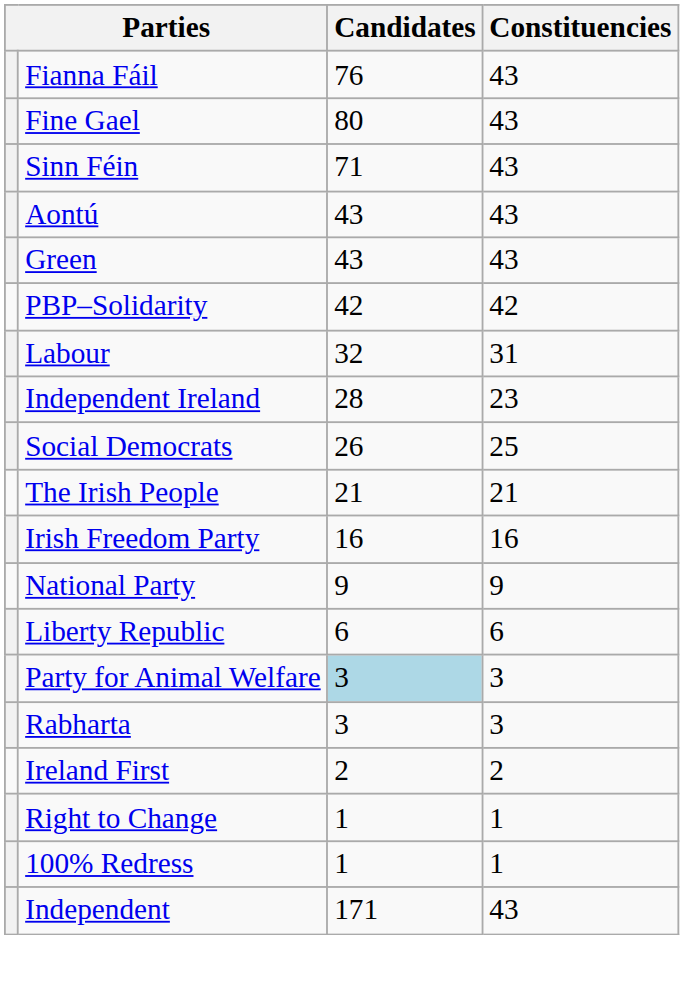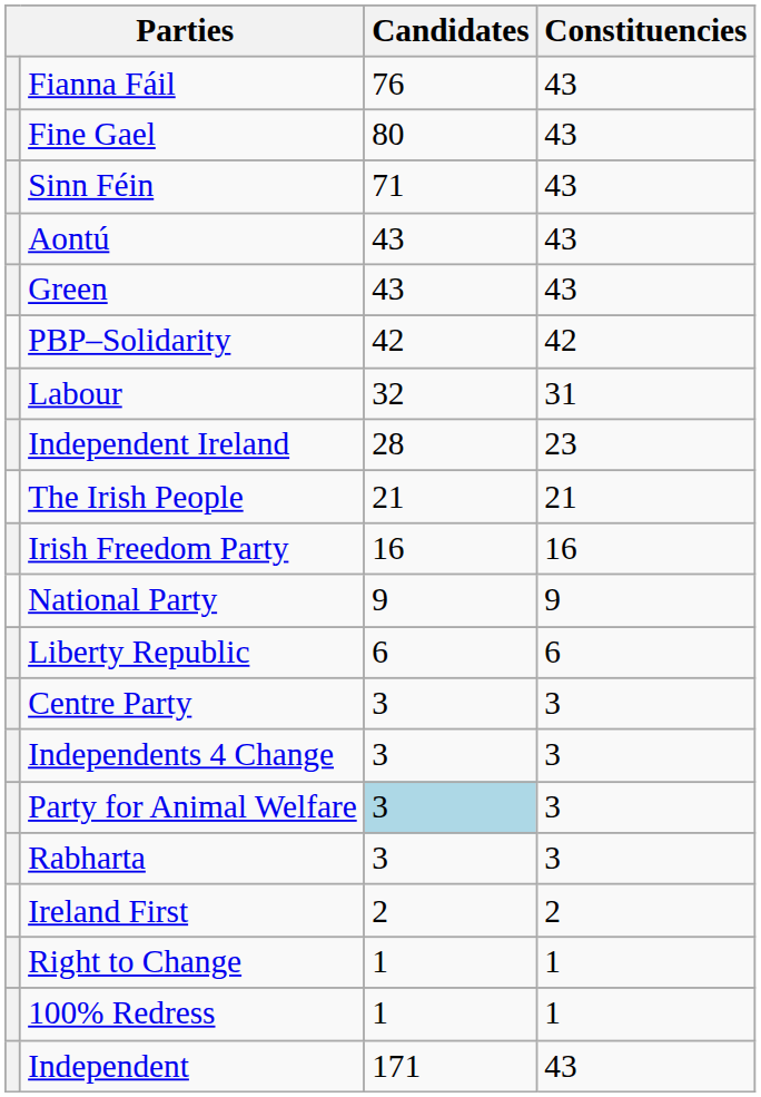 <table class="wikitable sortable">
 <tr>
 <th colspan=2 class="unsortable">Parties</th>
 <th>Candidates</th>
 <th>Constituencies</th>
 </tr>
 <tr>
 <th class="unsortable" style="background-color: "></th>
 <td><a href='#'>Fianna Fáil</a></td>
 <td>76</td>
 <td>43</td>
 </tr>
 <tr>
 <th class="unsortable" style="background-color: "></th>
 <td><a href='#'>Fine Gael</a></td>
 <td>80</td>
 <td>43</td>
 </tr>
 <tr>
 <th class="unsortable" style="background-color: "></th>
 <td><a href='#'>Sinn Féin</a></td>
 <td>71</td>
 <td>43</td>
 </tr>
 <tr>
 <th class="unsortable" style="background-color: "></th>
 <td><a href='#'>Aontú</a></td>
 <td>43</td>
 <td>43</td>
 </tr>
 <tr>
 <th class="unsortable" style="background-color: "></th>
 <td><a href='#'>Green</a></td>
 <td>43</td>
 <td>43</td>
 </tr>
 <tr>
 <td style="background:"></td>
 <td><a href='#'>PBP–Solidarity</a></td>
 <td>42</td>
 <td>42</td>
 </tr>
 <tr>
 <th class="unsortable" style="background-color: "></th>
 <td><a href='#'>Labour</a></td>
 <td>32</td>
 <td>31</td>
 </tr>
 <tr>
 <th class="unsortable" style="background-color: "></th>
 <td><a href='#'>Independent Ireland</a></td>
 <td>28</td>
 <td>23</td>
 </tr>
 <tr>
-<th class="unsortable" style="background-color: "></th>
-<td><a href='#'>Social Democrats</a></td>
-<td>26</td>
-<td>25</td>
-</tr>
-<tr>
 <td style="background-color: "></td>
 <td><a href='#'>The Irish People</a></td>
 <td>21</td>
 <td>21</td>
 </tr>
 <tr>
 <th class="unsortable" style="background-color: "></th>
 <td><a href='#'>Irish Freedom Party</a></td>
 <td>16</td>
 <td>16</td>
 </tr>
 <tr>
 <td style="background-color: "></td>
 <td><a href='#'>National Party</a></td>
 <td>9</td>
 <td>9</td>
 </tr>
 <tr>
 <th class="unsortable" style="background-color: "></th>
 <td><a href='#'>Liberty Republic</a></td>
 <td>6</td>
 <td>6</td>
+</tr>
+<tr>
+<th class="unsortable" style="background-color: "></th>
+<td><a href='#'>Centre Party</a></td>
+<td>3</td>
+<td>3</td>
+</tr>
+<tr>
+<th class="unsortable" style="background-color: "></th>
+<td><a href='#'>Independents 4 Change</a></td>
+<td>3</td>
+<td>3</td>
 </tr>
 <tr>
 <th class="unsortable" style="background-color: "></th>
 <td><a href='#'>Party for Animal Welfare</a></td>
 <td style="background: lightblue;">3</td>
 <td>3</td>
 </tr>
 <tr>
 <th class="unsortable" style="background-color: "></th>
 <td><a href='#'>Rabharta</a></td>
 <td>3</td>
 <td>3</td>
 </tr>
 <tr>
 <td style="background-color: "></td>
 <td><a href='#'>Ireland First</a></td>
 <td>2</td>
 <td>2</td>
 </tr>
 <tr>
 <th class="unsortable" style="background-color: "></th>
 <td><a href='#'>Right to Change</a></td>
 <td>1</td>
 <td>1</td>
 </tr>
 <tr>
 <th class="unsortable" style="background-color: "></th>
 <td><a href='#'>100% Redress</a></td>
 <td>1</td>
 <td>1</td>
 </tr>
 <tr>
 <th class="unsortable" style="background-color: "></th>
 <td><a href='#'>Independent</a></td>
 <td>171</td>
 <td>43</td>
 </tr>
 </table>
